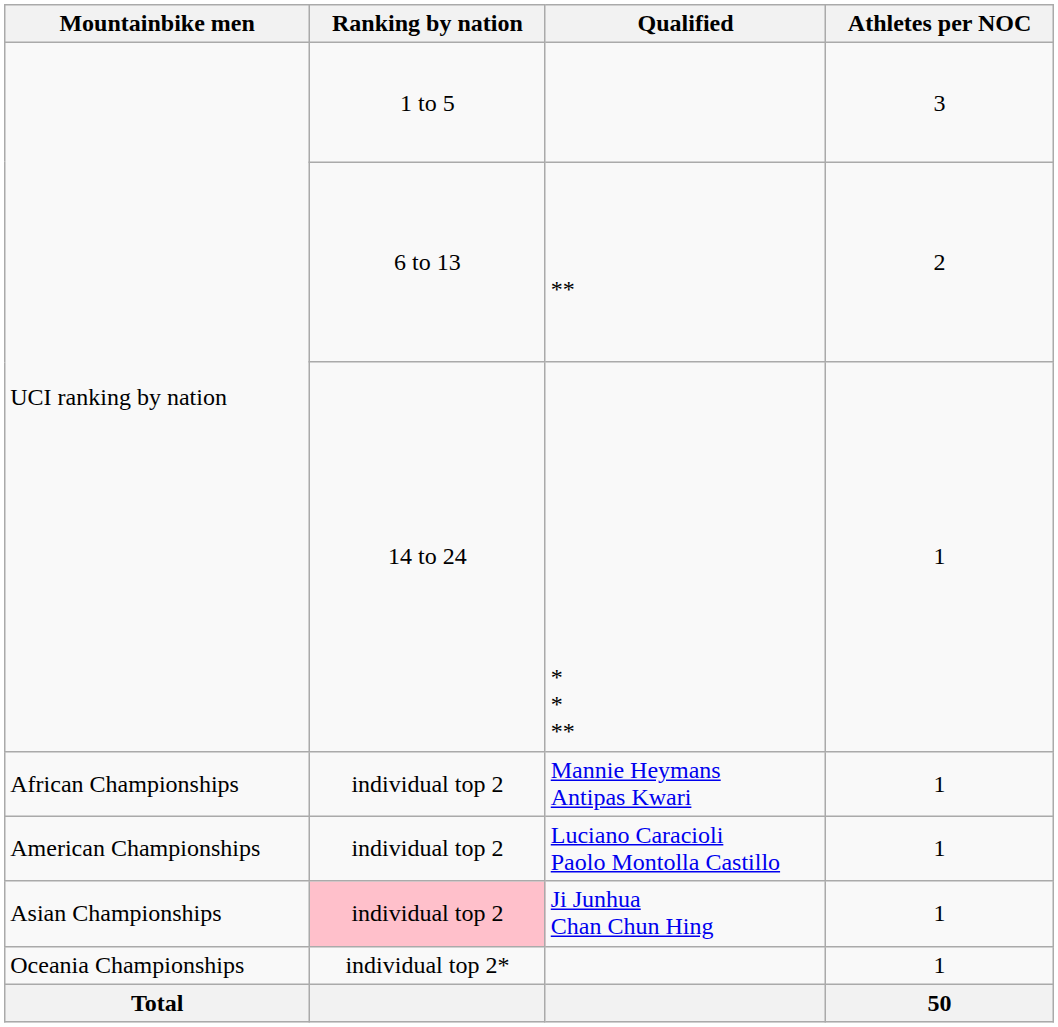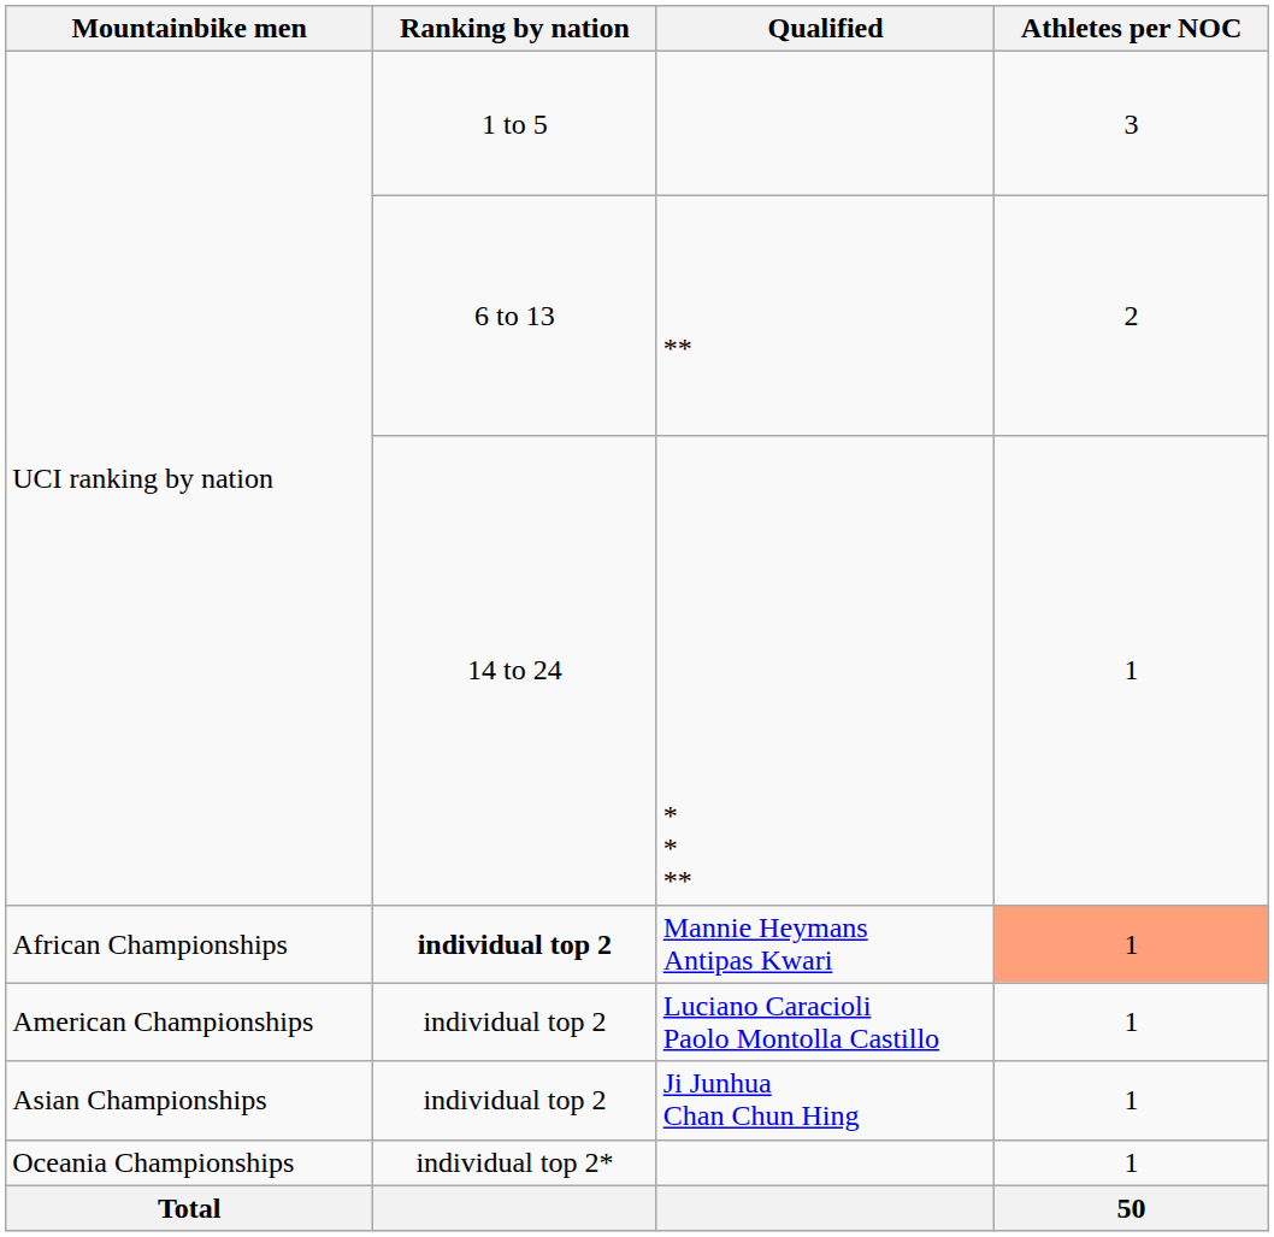 <table class="wikitable" width=700 style="text-align:center">
 <tr>
 <th>Mountainbike men</th>
 <th>Ranking by nation</th>
 <th>Qualified</th>
 <th>Athletes per NOC</th>
 </tr>
 <tr>
 <td rowspan="3" align="left">UCI ranking by nation</td>
 <td>1 to 5</td>
 <td align="left"> <br>  <br>  <br>  <br> </td>
 <td>3</td>
 </tr>
 <tr>
 <td>6 to 13</td>
 <td align="left"> <br>  <br>  <br>  <br> ** <br>  <br>  <br> </td>
 <td>2</td>
 </tr>
 <tr>
 <td>14 to 24</td>
 <td align="left"> <br>  <br>  <br>  <br>  <br>  <br>  <br>  <br>  <br>  <br>  <br> * <br> * <br> **</td>
 <td>1</td>
 </tr>
 <tr>
 <td align="left">African Championships</td>
-<td>individual top 2</td>
+<td><strong>individual top 2</strong></td>
 <td align="left"> <a href='#'>Mannie Heymans</a> <br>  <a href='#'>Antipas Kwari</a></td>
-<td>1</td>
+<td style="background: lightsalmon;">1</td>
 </tr>
 <tr>
 <td align="left">American Championships</td>
 <td>individual top 2</td>
 <td align="left"> <a href='#'>Luciano Caracioli</a><br> <a href='#'>Paolo Montolla Castillo</a></td>
 <td>1</td>
 </tr>
 <tr>
 <td align="left">Asian Championships</td>
-<td style="background: pink;">individual top 2</td>
+<td>individual top 2</td>
 <td align="left"> <a href='#'>Ji Junhua</a><br> <a href='#'>Chan Chun Hing</a></td>
 <td>1</td>
 </tr>
 <tr>
 <td align="left">Oceania Championships</td>
 <td>individual top 2*</td>
 <td align="left"></td>
 <td>1</td>
 </tr>
 <tr>
 <th>Total</th>
 <th></th>
 <th></th>
 <th>50</th>
 </tr>
 </table>
